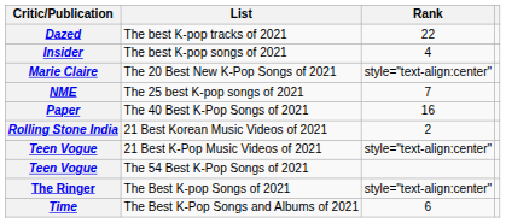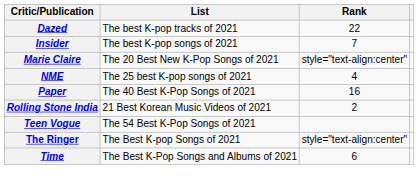 <table class="wikitable plainrowheaders sortable">
 <tr>
 <th scope="col">Critic/Publication</th>
 <th scope="col" class="unsortable">List</th>
 <th scope="col" data-sort-type="number">Rank</th>
 <th scope="col" class="unsortable"></th>
 </tr>
 <tr>
 <th scope="row"><em><a href='#'>Dazed</a></em></th>
 <td>The best K-pop tracks of 2021</td>
 <td style="text-align:center">22</td>
 <td style="text-align:center"></td>
 </tr>
 <tr>
 <th scope="row"><a href='#'><em>Insider</em></a></th>
 <td>The best K-pop songs of 2021</td>
-<td style="text-align:center">4</td>
+<td style="text-align:center">7</td>
 <td style="text-align:center"></td>
 </tr>
 <tr>
 <th scope="row"><em><a href='#'>Marie Claire</a></em></th>
 <td>The 20 Best New K-Pop Songs of 2021</td>
 <td>style="text-align:center" </td>
 <td style="text-align:center"></td>
 </tr>
 <tr>
 <th scope="row"><em><a href='#'>NME</a></em></th>
 <td>The 25 best K-pop songs of 2021</td>
-<td style="text-align:center">7</td>
+<td style="text-align:center">4</td>
 <td style="text-align:center"></td>
 </tr>
 <tr>
 <th scope="row"><em><a href='#'>Paper</a></em></th>
 <td>The 40 Best K-Pop Songs of 2021</td>
 <td style="text-align:center;">16</td>
 <td style="text-align:center;"></td>
 </tr>
 <tr>
 <th scope="row"><em><a href='#'>Rolling Stone India</a></em></th>
 <td>21 Best Korean Music Videos of 2021</td>
 <td style="text-align:center;">2</td>
 <td style="text-align:center;"></td>
-</tr>
-<tr>
-<th scope="row"><em><a href='#'>Teen Vogue</a></em></th>
-<td>21 Best K-Pop Music Videos of 2021</td>
-<td>style="text-align:center" </td>
-<td style="text-align:center"></td>
 </tr>
 <tr>
 <th scope="row"><em><a href='#'>Teen Vogue</a></em></th>
 <td>The 54 Best K-Pop Songs of 2021</td>
 <td></td>
 <td style="text-align:center"></td>
 </tr>
 <tr>
 <th scope="row" data-sort-value="Ringer"><a href='#'>The Ringer</a></th>
 <td>The Best K-pop Songs of 2021</td>
 <td>style="text-align:center" </td>
 <td style="text-align:center"></td>
 </tr>
 <tr>
 <th scope="row"><em><a href='#'>Time</a></em></th>
 <td>The Best K-Pop Songs and Albums of 2021</td>
 <td style="text-align:center">6</td>
 <td style="text-align:center"></td>
 </tr>
 </table>
